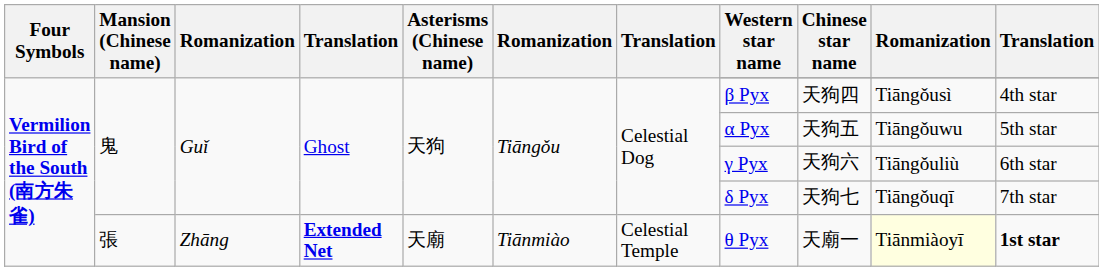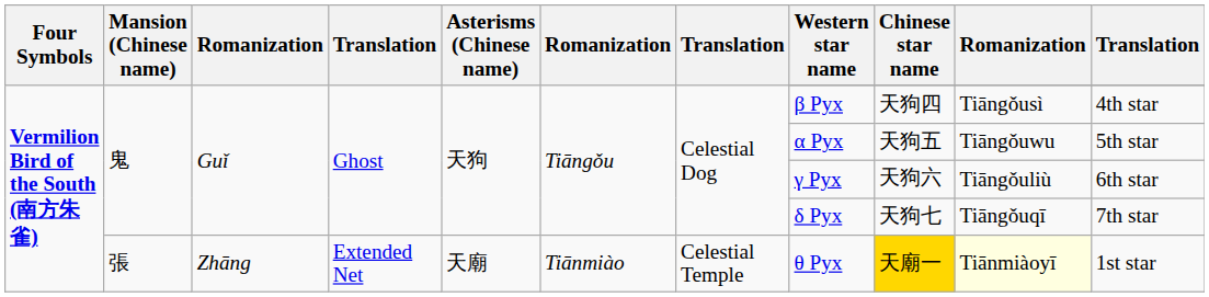 <table class="wikitable">
 <tr>
 <th><strong>Four Symbols</strong></th>
 <th><strong>Mansion (Chinese name)</strong></th>
 <th><strong>Romanization</strong></th>
 <th><strong>Translation</strong></th>
 <th><strong>Asterisms (Chinese name)</strong></th>
 <th><strong>Romanization</strong></th>
 <th><strong>Translation</strong></th>
 <th><strong>Western star name</strong></th>
 <th><strong>Chinese star name</strong></th>
 <th><strong>Romanization</strong></th>
 <th><strong>Translation</strong></th>
 </tr>
 <tr>
 <td rowspan="6"><strong><a href='#'>Vermilion Bird of the South (南方朱雀)</a></strong></td>
 <td rowspan="5">鬼</td>
 <td rowspan="5"><em>Guǐ</em></td>
 <td rowspan="5"><a href='#'>Ghost</a></td>
 <td rowspan="5">天狗</td>
 <td rowspan="5"><em>Tiāngǒu</em></td>
 <td rowspan="5">Celestial Dog</td>
 </tr>
 <tr>
 <td><a href='#'>β Pyx</a></td>
 <td>天狗四</td>
 <td>Tiāngǒusì</td>
 <td>4th star</td>
 </tr>
 <tr>
 <td><a href='#'>α Pyx</a></td>
 <td>天狗五</td>
 <td>Tiāngǒuwu</td>
 <td>5th star</td>
 </tr>
 <tr>
 <td><a href='#'>γ Pyx</a></td>
 <td>天狗六</td>
 <td>Tiāngǒuliù</td>
 <td>6th star</td>
 </tr>
 <tr>
 <td><a href='#'>δ Pyx</a></td>
 <td>天狗七</td>
 <td>Tiāngǒuqī</td>
 <td>7th star</td>
 </tr>
 <tr>
 <td>張</td>
 <td><em>Zhāng</em></td>
-<td><strong><a href='#'>Extended Net</a></strong></td>
+<td><a href='#'>Extended Net</a></td>
 <td>天廟</td>
 <td><em>Tiānmiào</em></td>
 <td>Celestial Temple</td>
 <td><a href='#'>θ  Pyx</a></td>
-<td>天廟一</td>
+<td style="background: gold;">天廟一</td>
 <td style="background: lightyellow;">Tiānmiàoyī</td>
-<td><strong>1st star</strong></td>
+<td>1st star</td>
 </tr>
 </table>
